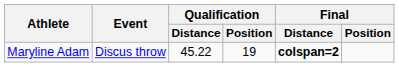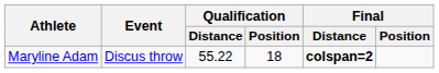 <table class=wikitable style=font-size:90%>
 <tr>
 <th rowspan=2>Athlete</th>
 <th rowspan=2>Event</th>
 <th colspan=2>Qualification</th>
 <th colspan=2>Final</th>
 </tr>
 <tr style=font-size:95%>
 <th>Distance</th>
 <th>Position</th>
 <th>Distance</th>
 <th>Position</th>
 </tr>
 <tr align=center>
 <td align=left><a href='#'>Maryline Adam</a></td>
 <td align=left><a href='#'>Discus throw</a></td>
-<td>45.22</td>
-<td>19</td>
+<td>55.22</td>
+<td>18</td>
 <td><strong>colspan=2 </strong></td>
 </tr>
 </table>
